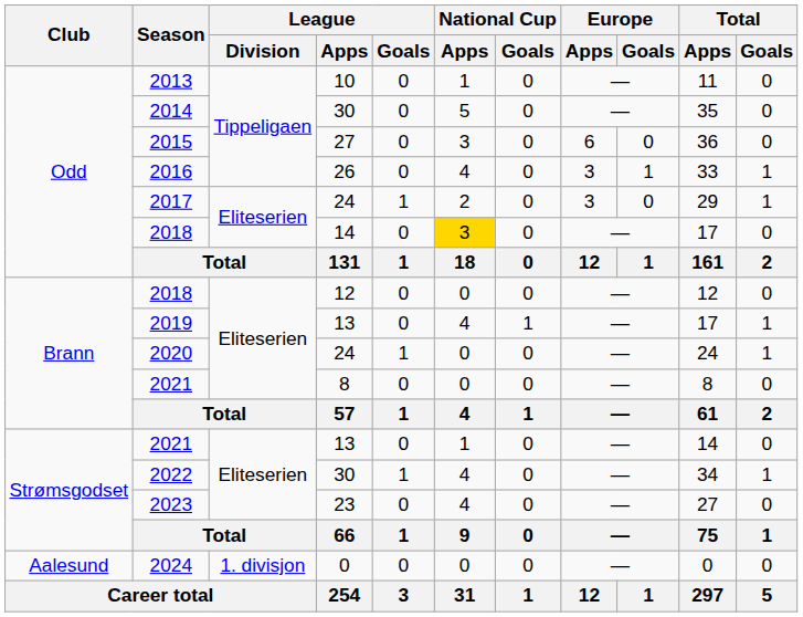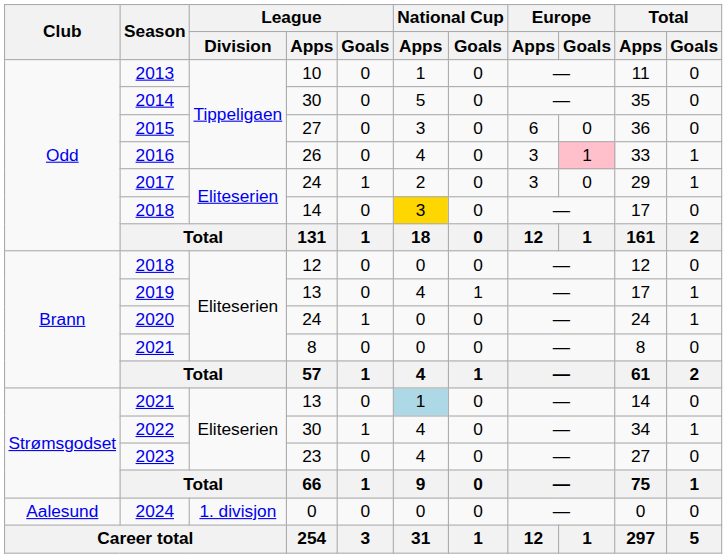 <table class="wikitable" style="text-align: center;">
 <tr>
 <th rowspan="2">Club</th>
 <th rowspan="2">Season</th>
 <th colspan="3">League</th>
 <th colspan="2">National Cup</th>
 <th colspan="2">Europe</th>
 <th colspan="2">Total</th>
 </tr>
 <tr>
 <th>Division</th>
 <th>Apps</th>
 <th>Goals</th>
 <th>Apps</th>
 <th>Goals</th>
 <th>Apps</th>
 <th>Goals</th>
 <th>Apps</th>
 <th>Goals</th>
 </tr>
 <tr>
 <td rowspan="7"><a href='#'>Odd</a></td>
 <td><a href='#'>2013</a></td>
 <td rowspan="4"><a href='#'>Tippeligaen</a></td>
 <td>10</td>
 <td>0</td>
 <td>1</td>
 <td>0</td>
 <td colspan="2">—</td>
 <td>11</td>
 <td>0</td>
 </tr>
 <tr>
 <td><a href='#'>2014</a></td>
 <td>30</td>
 <td>0</td>
 <td>5</td>
 <td>0</td>
 <td colspan="2">—</td>
 <td>35</td>
 <td>0</td>
 </tr>
 <tr>
 <td><a href='#'>2015</a></td>
 <td>27</td>
 <td>0</td>
 <td>3</td>
 <td>0</td>
 <td>6</td>
 <td>0</td>
 <td>36</td>
 <td>0</td>
 </tr>
 <tr>
 <td><a href='#'>2016</a></td>
 <td>26</td>
 <td>0</td>
 <td>4</td>
 <td>0</td>
 <td>3</td>
-<td>1</td>
+<td style="background: pink;">1</td>
 <td>33</td>
 <td>1</td>
 </tr>
 <tr>
 <td><a href='#'>2017</a></td>
 <td rowspan="2"><a href='#'>Eliteserien</a></td>
 <td>24</td>
 <td>1</td>
 <td>2</td>
 <td>0</td>
 <td>3</td>
 <td>0</td>
 <td>29</td>
 <td>1</td>
 </tr>
 <tr>
 <td><a href='#'>2018</a></td>
 <td>14</td>
 <td>0</td>
 <td style="background: gold;">3</td>
 <td>0</td>
 <td colspan="2">—</td>
 <td>17</td>
 <td>0</td>
 </tr>
 <tr>
 <th colspan="2">Total</th>
 <th>131</th>
 <th>1</th>
 <th>18</th>
 <th>0</th>
 <th>12</th>
 <th>1</th>
 <th>161</th>
 <th>2</th>
 </tr>
 <tr>
 <td rowspan="5"><a href='#'>Brann</a></td>
 <td><a href='#'>2018</a></td>
 <td rowspan="4">Eliteserien</td>
 <td>12</td>
 <td>0</td>
 <td>0</td>
 <td>0</td>
 <td colspan="2">—</td>
 <td>12</td>
 <td>0</td>
 </tr>
 <tr>
 <td><a href='#'>2019</a></td>
 <td>13</td>
 <td>0</td>
 <td>4</td>
 <td>1</td>
 <td colspan="2">—</td>
 <td>17</td>
 <td>1</td>
 </tr>
 <tr>
 <td><a href='#'>2020</a></td>
 <td>24</td>
 <td>1</td>
 <td>0</td>
 <td>0</td>
 <td colspan="2">—</td>
 <td>24</td>
 <td>1</td>
 </tr>
 <tr>
 <td><a href='#'>2021</a></td>
 <td>8</td>
 <td>0</td>
 <td>0</td>
 <td>0</td>
 <td colspan="2">—</td>
 <td>8</td>
 <td>0</td>
 </tr>
 <tr>
 <th colspan="2">Total</th>
 <th>57</th>
 <th>1</th>
 <th>4</th>
 <th>1</th>
 <th colspan="2">—</th>
 <th>61</th>
 <th>2</th>
 </tr>
 <tr>
 <td rowspan="4"><a href='#'>Strømsgodset</a></td>
 <td><a href='#'>2021</a></td>
 <td rowspan="3">Eliteserien</td>
 <td>13</td>
 <td>0</td>
-<td>1</td>
+<td style="background: lightblue;">1</td>
 <td>0</td>
 <td colspan="2">—</td>
 <td>14</td>
 <td>0</td>
 </tr>
 <tr>
 <td><a href='#'>2022</a></td>
 <td>30</td>
 <td>1</td>
 <td>4</td>
 <td>0</td>
 <td colspan="2">—</td>
 <td>34</td>
 <td>1</td>
 </tr>
 <tr>
 <td><a href='#'>2023</a></td>
 <td>23</td>
 <td>0</td>
 <td>4</td>
 <td>0</td>
 <td colspan="2">—</td>
 <td>27</td>
 <td>0</td>
 </tr>
 <tr>
 <th colspan="2">Total</th>
 <th>66</th>
 <th>1</th>
 <th>9</th>
 <th>0</th>
 <th colspan="2">—</th>
 <th>75</th>
 <th>1</th>
 </tr>
 <tr>
 <td><a href='#'>Aalesund</a></td>
 <td><a href='#'>2024</a></td>
 <td><a href='#'>1. divisjon</a></td>
 <td>0</td>
 <td>0</td>
 <td>0</td>
 <td>0</td>
 <td colspan="2">—</td>
 <td>0</td>
 <td>0</td>
 </tr>
 <tr>
 <th colspan="3">Career total</th>
 <th>254</th>
 <th>3</th>
 <th>31</th>
 <th>1</th>
 <th>12</th>
 <th>1</th>
 <th>297</th>
 <th>5</th>
 </tr>
 </table>
